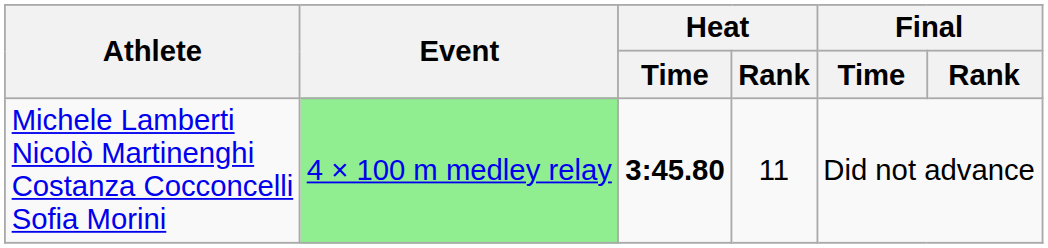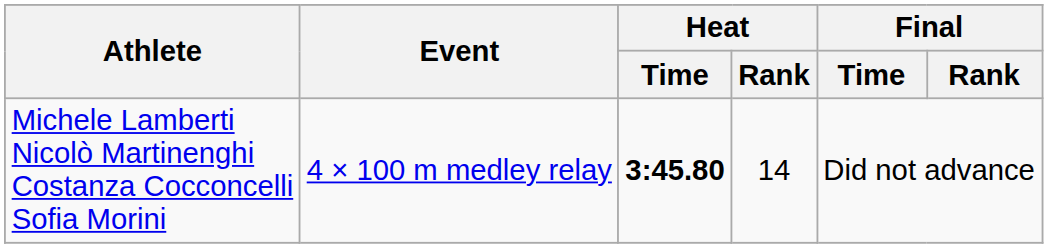 <table class="wikitable">
 <tr>
 <th rowspan="2">Athlete</th>
 <th rowspan="2">Event</th>
 <th colspan="2">Heat</th>
 <th colspan="2">Final</th>
 </tr>
 <tr>
 <th>Time</th>
 <th>Rank</th>
 <th>Time</th>
 <th>Rank</th>
 </tr>
 <tr align=center>
 <td align=left><a href='#'>Michele Lamberti</a><br><a href='#'>Nicolò Martinenghi</a><br><a href='#'>Costanza Cocconcelli</a><br><a href='#'>Sofia Morini</a></td>
-<td align=left style="background: lightgreen;"><a href='#'>4 × 100 m medley relay</a></td>
+<td align=left><a href='#'>4 × 100 m medley relay</a></td>
 <td><strong>3:45.80</strong></td>
-<td>11</td>
+<td>14</td>
 <td colspan=2>Did not advance</td>
 </tr>
 </table>
